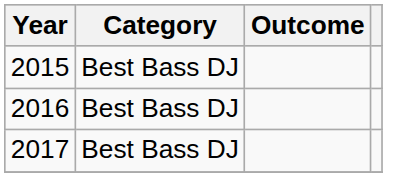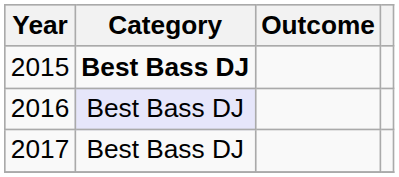 <table class="wikitable plainrowheaders" style="text-align:center;">
 <tr>
 <th>Year</th>
 <th>Category</th>
 <th>Outcome</th>
 <th></th>
 </tr>
 <tr>
 <td>2015</td>
-<td>Best Bass DJ</td>
+<td><strong>Best Bass DJ</strong></td>
 <td></td>
 <td></td>
 </tr>
 <tr>
 <td>2016</td>
-<td>Best Bass DJ</td>
+<td style="background: lavender;">Best Bass DJ</td>
 <td></td>
 <td></td>
 </tr>
 <tr>
 <td>2017</td>
 <td>Best Bass DJ</td>
 <td></td>
 <td></td>
 </tr>
 <tr>
 </tr>
 </table>
